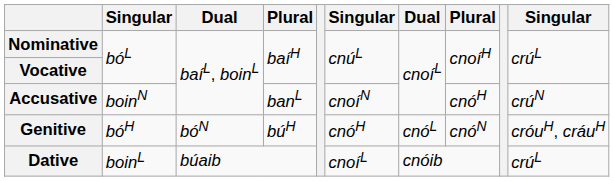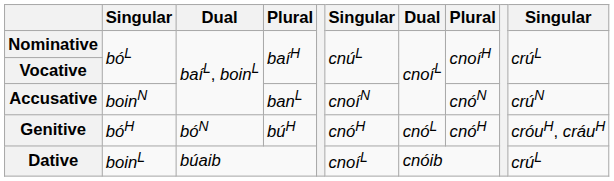 <table class="wikitable">
 <tr>
 <th></th>
 <th>Singular</th>
 <th>Dual</th>
 <th>Plural</th>
 <th rowspan="6"></th>
 <th>Singular</th>
 <th>Dual</th>
 <th>Plural</th>
 <th rowspan="6"></th>
 <th>Singular</th>
 </tr>
 <tr>
 <th>Nominative</th>
 <td rowspan="2"><em>bó<sup>L</sup></em></td>
 <td rowspan="3"><em>baí<sup>L</sup></em>, <em>boin<sup>L</sup></em></td>
 <td rowspan="2"><em>baí<sup>H</sup></em></td>
 <td rowspan="2"><em>cnú<sup>L</sup></em></td>
 <td rowspan="3"><em>cnoí<sup>L</sup></em></td>
 <td rowspan="2"><em>cnoí<sup>H</sup></em></td>
 <td rowspan="2"><em>crú<sup>L</sup></em></td>
 </tr>
 <tr>
 <th>Vocative</th>
 </tr>
 <tr>
 <th>Accusative</th>
 <td><em>boin<sup>N</sup></em></td>
 <td><em>ban<sup>L</sup></em></td>
 <td><em>cnoí<sup>N</sup></em></td>
-<td><em>cnó<sup>H</sup></em></td>
+<td><em>cnó<sup>N</sup></em></td>
 <td><em>crú<sup>N</sup></em></td>
 </tr>
 <tr>
 <th>Genitive</th>
 <td><em>bó<sup>H</sup></em></td>
 <td><em>bó<sup>N</sup></em></td>
 <td><em>bú<sup>H</sup></em></td>
 <td><em>cnó<sup>H</sup></em></td>
 <td><em>cnó<sup>L</sup></em></td>
-<td><em>cnó<sup>N</sup></em></td>
+<td><em>cnó<sup>H</sup></em></td>
 <td><em>cróu<sup>H</sup></em>, <em>cráu<sup>H</sup></em></td>
 </tr>
 <tr>
 <th>Dative</th>
 <td><em>boin<sup>L</sup></em></td>
 <td colspan="2"><em>búaib</em></td>
 <td><em>cnoí<sup>L</sup></em></td>
 <td colspan="2"><em>cnóib</em></td>
 <td><em>crú<sup>L</sup></em></td>
 </tr>
 </table>
